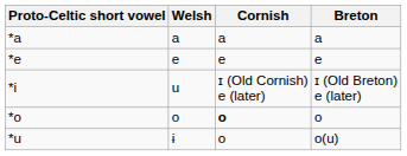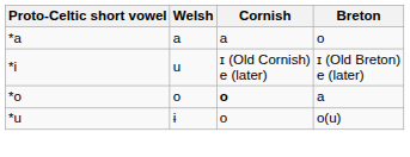 <table class="wikitable">
 <tr>
 <th>Proto-Celtic short vowel</th>
 <th>Welsh</th>
 <th>Cornish</th>
 <th>Breton</th>
 </tr>
 <tr>
 <td>*a</td>
 <td>a</td>
 <td>a</td>
-<td>a</td>
-</tr>
-<tr>
-<td>*e</td>
-<td>e</td>
-<td>e</td>
-<td>e</td>
+<td>o</td>
 </tr>
 <tr>
 <td>*i</td>
 <td>u </td>
 <td>ɪ  (Old Cornish)<br> e (later)</td>
 <td>ɪ  (Old Breton)<br> e (later)</td>
 </tr>
 <tr>
 <td>*o</td>
 <td>o</td>
 <td><strong>o</strong></td>
-<td>o</td>
+<td>a</td>
 </tr>
 <tr>
 <td>*u</td>
 <td>ɨ </td>
 <td>o</td>
 <td>o(u)</td>
 </tr>
 </table>
